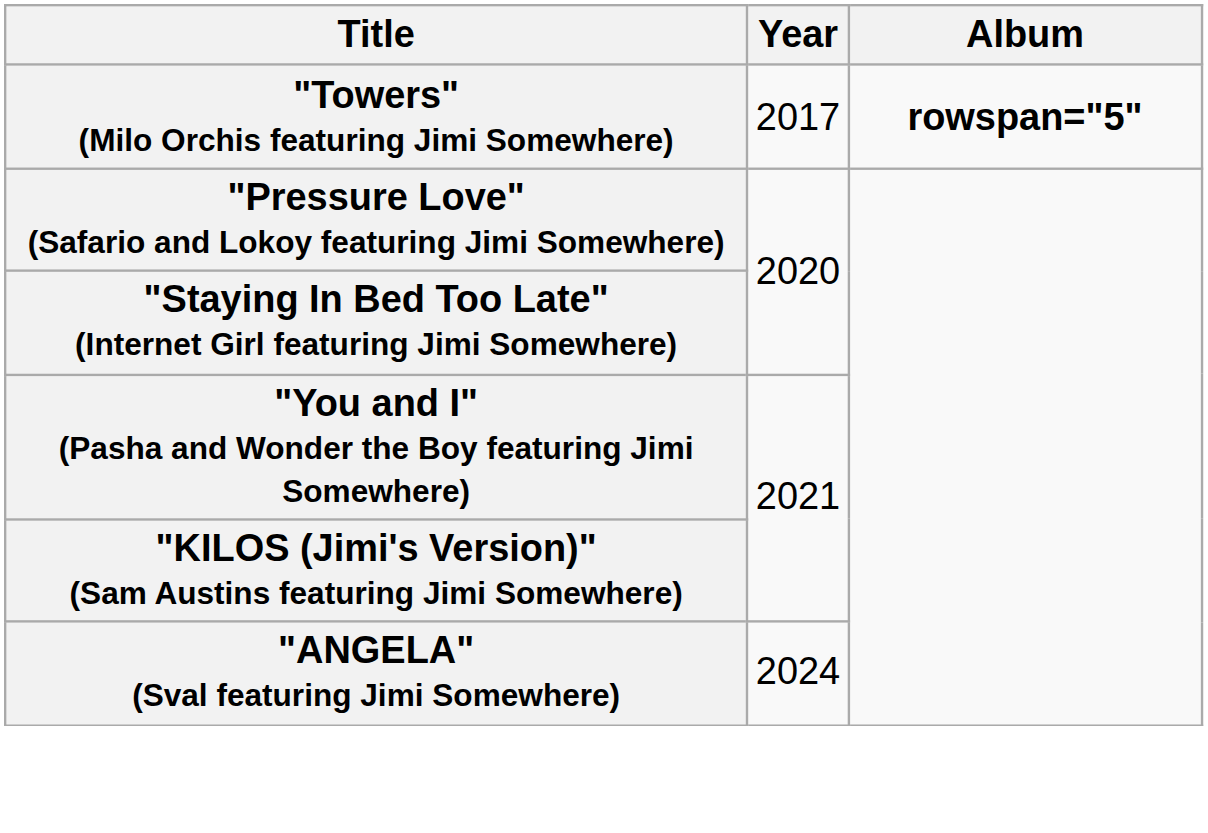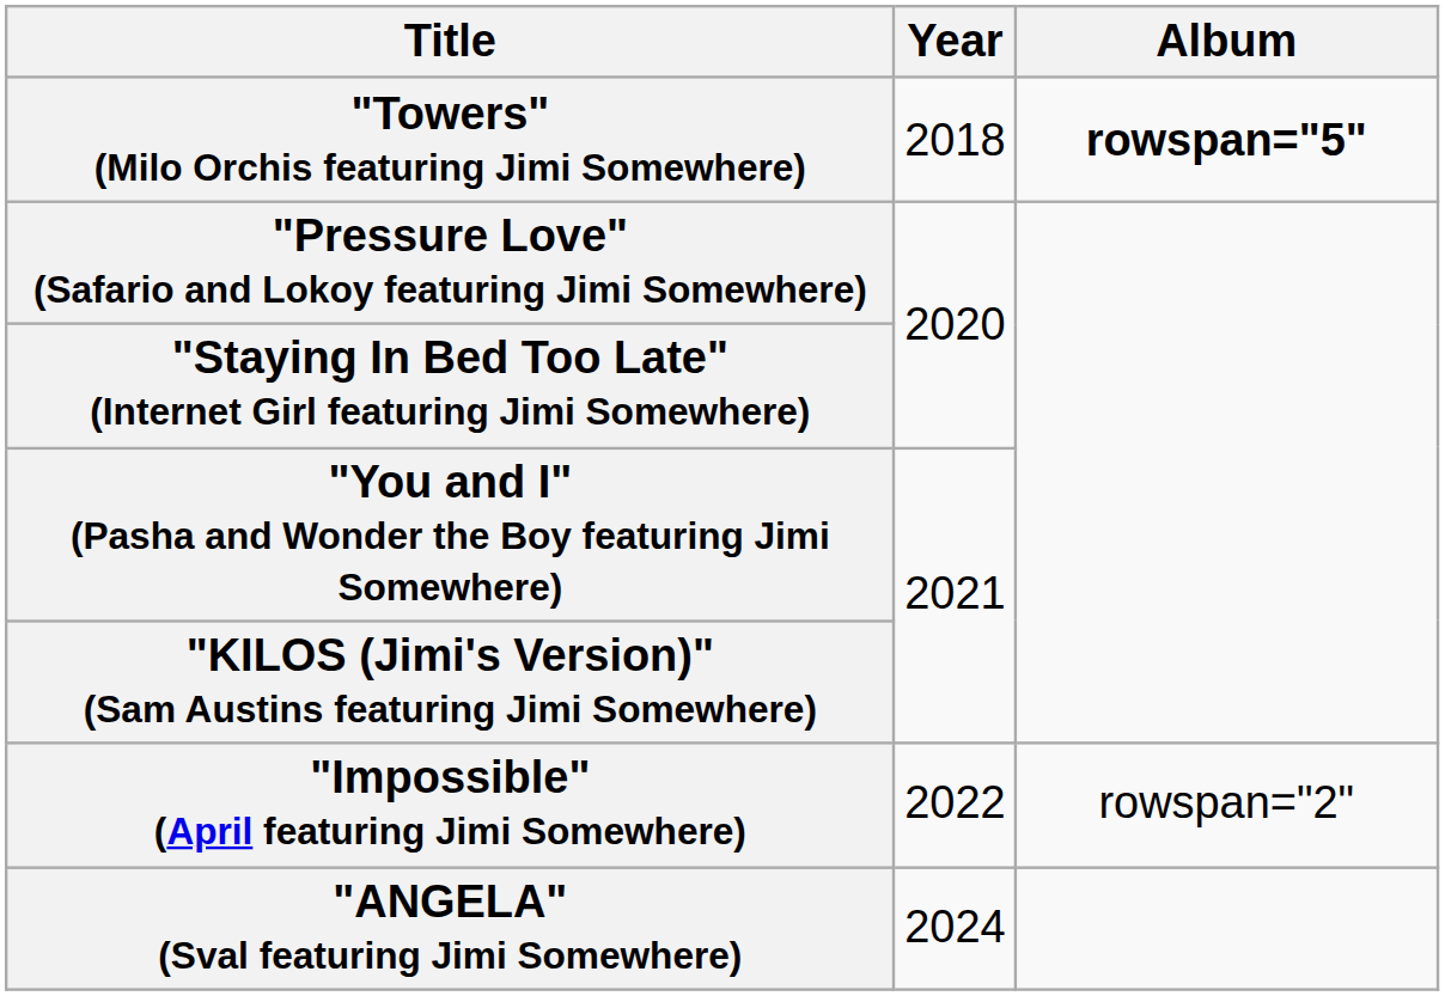 <table class="wikitable plainrowheaders" style="text-align:center; width:40%">
 <tr>
 <th scope="col" style="width:65%;">Title</th>
 <th scope="col" style="width:5%;">Year</th>
 <th scope="col" style="width:30%;">Album</th>
 </tr>
 <tr>
 <th scope="row">"Towers"<br><small>(Milo Orchis featuring Jimi Somewhere)</small></th>
-<td>2017</td>
+<td>2018</td>
 <td><strong>rowspan="5" </strong></td>
 </tr>
 <tr>
 <th scope="row">"Pressure Love"<br><small>(Safario and Lokoy featuring Jimi Somewhere)</small></th>
 <td rowspan="2">2020</td>
 </tr>
 <tr>
 <th scope="row">"Staying In Bed Too Late"<br><small>(Internet Girl featuring Jimi Somewhere)</small></th>
 </tr>
 <tr>
 <th scope="row">"You and I"<br><small>(Pasha and Wonder the Boy featuring Jimi Somewhere)</small></th>
 <td rowspan="2">2021</td>
 </tr>
 <tr>
 <th scope="row">"KILOS (Jimi's Version)"<br><small>(Sam Austins featuring Jimi Somewhere)</small></th>
 </tr>
 <tr>
+<th scope="row">"Impossible"<br><small>(<a href='#'>April</a> featuring Jimi Somewhere)</small></th>
+<td>2022</td>
+<td>rowspan="2" </td>
+</tr>
+<tr>
 <th scope="row">"ANGELA"<br><small>(Sval featuring Jimi Somewhere)</small></th>
 <td>2024</td>
 </tr>
 </table>
